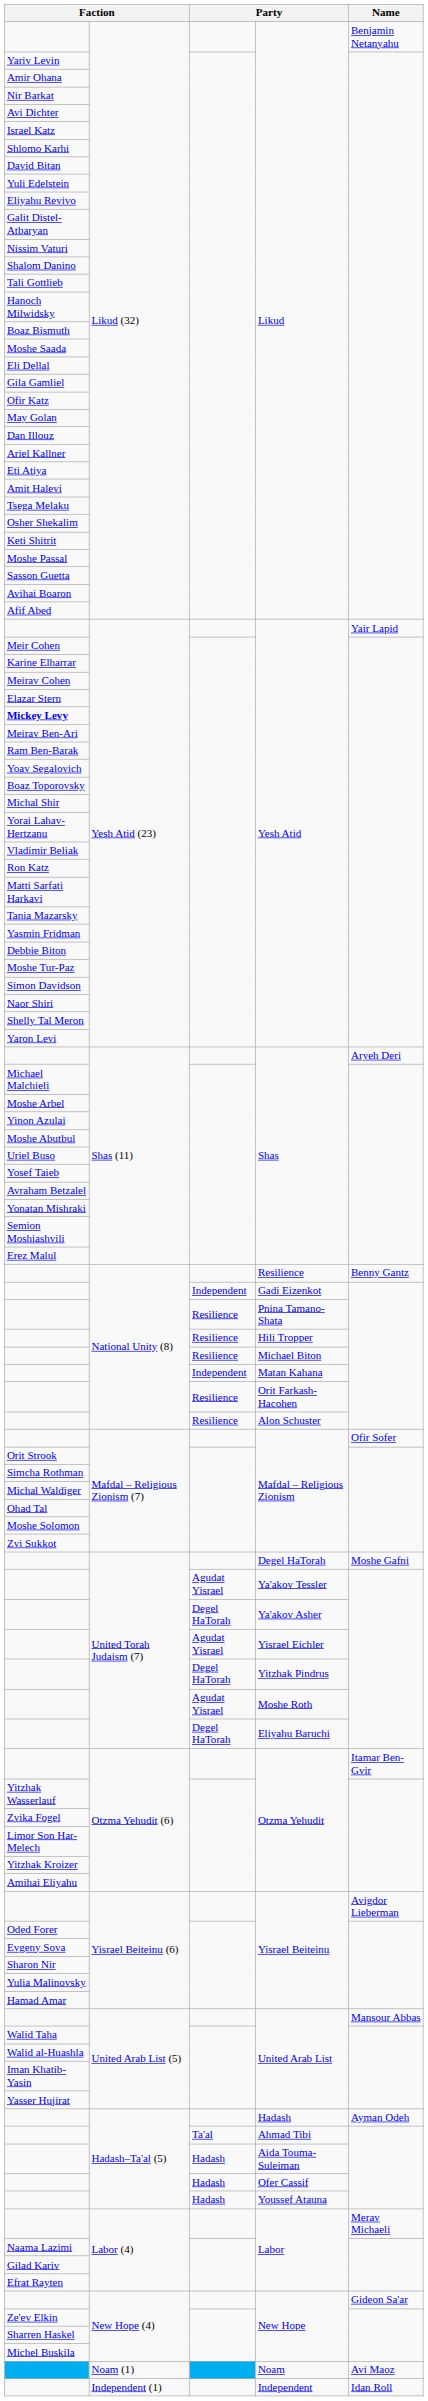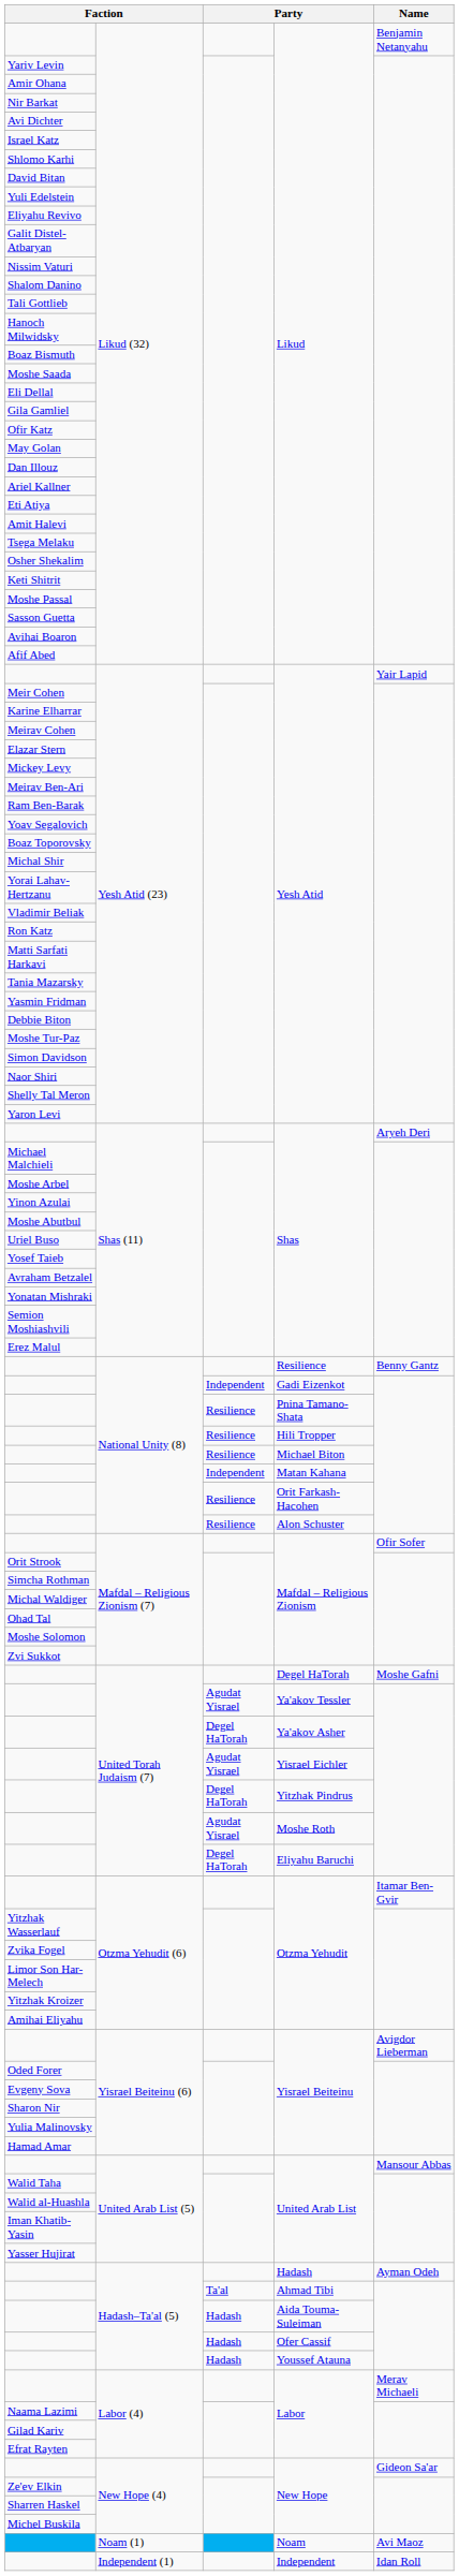 <table class="wikitable sortable">
 <tr>
 <th colspan=2>Faction</th>
 <th colspan=2>Party</th>
 <th>Name</th>
 </tr>
 <tr>
 <td bgcolor=></td>
 <td rowspan=32><a href='#'>Likud</a> (32)</td>
 <td bgcolor=></td>
 <td rowspan=32><a href='#'>Likud</a></td>
 <td><a href='#'>Benjamin Netanyahu</a></td>
 </tr>
 <tr>
 <td><a href='#'>Yariv Levin</a></td>
 </tr>
 <tr>
 <td><a href='#'>Amir Ohana</a></td>
 </tr>
 <tr>
 <td><a href='#'>Nir Barkat</a></td>
 </tr>
 <tr>
 <td><a href='#'>Avi Dichter</a></td>
 </tr>
 <tr>
 <td><a href='#'>Israel Katz</a></td>
 </tr>
 <tr>
 <td><a href='#'>Shlomo Karhi</a></td>
 </tr>
 <tr>
 <td><a href='#'>David Bitan</a></td>
 </tr>
 <tr>
 <td><a href='#'>Yuli Edelstein</a></td>
 </tr>
 <tr>
 <td><a href='#'>Eliyahu Revivo</a></td>
 </tr>
 <tr>
 <td><a href='#'>Galit Distel-Atbaryan</a></td>
 </tr>
 <tr>
 <td><a href='#'>Nissim Vaturi</a></td>
 </tr>
 <tr>
 <td><a href='#'>Shalom Danino</a></td>
 </tr>
 <tr>
 <td><a href='#'>Tali Gottlieb</a></td>
 </tr>
 <tr>
 <td><a href='#'>Hanoch Milwidsky</a></td>
 </tr>
 <tr>
 <td><a href='#'>Boaz Bismuth</a></td>
 </tr>
 <tr>
 <td><a href='#'>Moshe Saada</a></td>
 </tr>
 <tr>
 <td><a href='#'>Eli Dellal</a></td>
 </tr>
 <tr>
 <td><a href='#'>Gila Gamliel</a></td>
 </tr>
 <tr>
 <td><a href='#'>Ofir Katz</a></td>
 </tr>
 <tr>
 <td><a href='#'>May Golan</a></td>
 </tr>
 <tr>
 <td><a href='#'>Dan Illouz</a></td>
 </tr>
 <tr>
 <td><a href='#'>Ariel Kallner</a></td>
 </tr>
 <tr>
 <td><a href='#'>Eti Atiya</a></td>
 </tr>
 <tr>
 <td><a href='#'>Amit Halevi</a></td>
 </tr>
 <tr>
 <td><a href='#'>Tsega Melaku</a></td>
 </tr>
 <tr>
 <td><a href='#'>Osher Shekalim</a></td>
 </tr>
 <tr>
 <td><a href='#'>Keti Shitrit</a></td>
 </tr>
 <tr>
 <td><a href='#'>Moshe Passal</a></td>
 </tr>
 <tr>
 <td><a href='#'>Sasson Guetta</a></td>
 </tr>
 <tr>
 <td><a href='#'>Avihai Boaron</a></td>
 </tr>
 <tr>
 <td><a href='#'>Afif Abed</a></td>
 </tr>
 <tr>
 <td bgcolor=></td>
 <td rowspan=23><a href='#'>Yesh Atid</a> (23)</td>
 <td bgcolor=></td>
 <td rowspan=23><a href='#'>Yesh Atid</a></td>
 <td><a href='#'>Yair Lapid</a></td>
 </tr>
 <tr>
 <td><a href='#'>Meir Cohen</a></td>
 </tr>
 <tr>
 <td><a href='#'>Karine Elharrar</a></td>
 </tr>
 <tr>
 <td><a href='#'>Meirav Cohen</a></td>
 </tr>
 <tr>
 <td><a href='#'>Elazar Stern</a></td>
 </tr>
 <tr>
-<td><strong><a href='#'>Mickey Levy</a></strong></td>
+<td><a href='#'>Mickey Levy</a></td>
 </tr>
 <tr>
 <td><a href='#'>Meirav Ben-Ari</a></td>
 </tr>
 <tr>
 <td><a href='#'>Ram Ben-Barak</a></td>
 </tr>
 <tr>
 <td><a href='#'>Yoav Segalovich</a></td>
 </tr>
 <tr>
 <td><a href='#'>Boaz Toporovsky</a></td>
 </tr>
 <tr>
 <td><a href='#'>Michal Shir</a></td>
 </tr>
 <tr>
 <td><a href='#'>Yorai Lahav-Hertzanu</a></td>
 </tr>
 <tr>
 <td><a href='#'>Vladimir Beliak</a></td>
 </tr>
 <tr>
 <td><a href='#'>Ron Katz</a></td>
 </tr>
 <tr>
 <td><a href='#'>Matti Sarfati Harkavi</a></td>
 </tr>
 <tr>
 <td><a href='#'>Tania Mazarsky</a></td>
 </tr>
 <tr>
 <td><a href='#'>Yasmin Fridman</a></td>
 </tr>
 <tr>
 <td><a href='#'>Debbie Biton</a></td>
 </tr>
 <tr>
 <td><a href='#'>Moshe Tur-Paz</a></td>
 </tr>
 <tr>
 <td><a href='#'>Simon Davidson</a></td>
 </tr>
 <tr>
 <td><a href='#'>Naor Shiri</a></td>
 </tr>
 <tr>
 <td><a href='#'>Shelly Tal Meron</a></td>
 </tr>
 <tr>
 <td><a href='#'>Yaron Levi</a></td>
 </tr>
 <tr>
 <td bgcolor=></td>
 <td rowspan=11><a href='#'>Shas</a> (11)</td>
 <td bgcolor=></td>
 <td rowspan=11><a href='#'>Shas</a></td>
 <td><a href='#'>Aryeh Deri</a></td>
 </tr>
 <tr>
 <td><a href='#'>Michael Malchieli</a></td>
 </tr>
 <tr>
 <td><a href='#'>Moshe Arbel</a></td>
 </tr>
 <tr>
 <td><a href='#'>Yinon Azulai</a></td>
 </tr>
 <tr>
 <td><a href='#'>Moshe Abutbul</a></td>
 </tr>
 <tr>
 <td><a href='#'>Uriel Buso</a></td>
 </tr>
 <tr>
 <td><a href='#'>Yosef Taieb</a></td>
 </tr>
 <tr>
 <td><a href='#'>Avraham Betzalel</a></td>
 </tr>
 <tr>
 <td><a href='#'>Yonatan Mishraki</a></td>
 </tr>
 <tr>
 <td><a href='#'>Semion Moshiashvili</a></td>
 </tr>
 <tr>
 <td><a href='#'>Erez Malul</a></td>
 </tr>
 <tr>
 <td bgcolor=></td>
 <td rowspan=8><a href='#'>National Unity</a> (8)</td>
 <td bgcolor=></td>
 <td><a href='#'>Resilience</a></td>
 <td><a href='#'>Benny Gantz</a></td>
 </tr>
 <tr>
 <td bgcolor=></td>
 <td><a href='#'>Independent</a></td>
 <td><a href='#'>Gadi Eizenkot</a></td>
 </tr>
 <tr>
 <td bgcolor=></td>
 <td><a href='#'>Resilience</a></td>
 <td><a href='#'>Pnina Tamano-Shata</a></td>
 </tr>
 <tr>
 <td bgcolor=></td>
 <td><a href='#'>Resilience</a></td>
 <td><a href='#'>Hili Tropper</a></td>
 </tr>
 <tr>
 <td bgcolor=></td>
 <td><a href='#'>Resilience</a></td>
 <td><a href='#'>Michael Biton</a></td>
 </tr>
 <tr>
 <td bgcolor=></td>
 <td><a href='#'>Independent</a></td>
 <td><a href='#'>Matan Kahana</a></td>
 </tr>
 <tr>
 <td bgcolor=></td>
 <td><a href='#'>Resilience</a></td>
 <td><a href='#'>Orit Farkash-Hacohen</a></td>
 </tr>
 <tr>
 <td bgcolor=></td>
 <td><a href='#'>Resilience</a></td>
 <td><a href='#'>Alon Schuster</a></td>
 </tr>
 <tr>
 <td bgcolor=></td>
 <td rowspan=7><a href='#'>Mafdal – Religious Zionism</a> (7)</td>
 <td bgcolor=></td>
 <td rowspan=7><a href='#'>Mafdal – Religious Zionism</a></td>
 <td><a href='#'>Ofir Sofer</a></td>
 </tr>
 <tr>
 <td><a href='#'>Orit Strook</a></td>
 </tr>
 <tr>
 <td><a href='#'>Simcha Rothman</a></td>
 </tr>
 <tr>
 <td><a href='#'>Michal Waldiger</a></td>
 </tr>
 <tr>
 <td><a href='#'>Ohad Tal</a></td>
 </tr>
 <tr>
 <td><a href='#'>Moshe Solomon</a></td>
 </tr>
 <tr>
 <td><a href='#'>Zvi Sukkot</a></td>
 </tr>
 <tr>
 <td bgcolor=></td>
 <td rowspan=7><a href='#'>United Torah Judaism</a> (7)</td>
 <td bgcolor=></td>
 <td><a href='#'>Degel HaTorah</a></td>
 <td><a href='#'>Moshe Gafni</a></td>
 </tr>
 <tr>
 <td bgcolor=></td>
 <td><a href='#'>Agudat Yisrael</a></td>
 <td><a href='#'>Ya'akov Tessler</a></td>
 </tr>
 <tr>
 <td bgcolor=></td>
 <td><a href='#'>Degel HaTorah</a></td>
 <td><a href='#'>Ya'akov Asher</a></td>
 </tr>
 <tr>
 <td bgcolor=></td>
 <td><a href='#'>Agudat Yisrael</a></td>
 <td><a href='#'>Yisrael Eichler</a></td>
 </tr>
 <tr>
 <td bgcolor=></td>
 <td><a href='#'>Degel HaTorah</a></td>
 <td><a href='#'>Yitzhak Pindrus</a></td>
 </tr>
 <tr>
 <td bgcolor=></td>
 <td><a href='#'>Agudat Yisrael</a></td>
 <td><a href='#'>Moshe Roth</a></td>
 </tr>
 <tr>
 <td bgcolor=></td>
 <td><a href='#'>Degel HaTorah</a></td>
 <td><a href='#'>Eliyahu Baruchi</a></td>
 </tr>
 <tr>
 <td bgcolor=></td>
 <td rowspan=6><a href='#'>Otzma Yehudit</a> (6)</td>
 <td bgcolor=></td>
 <td rowspan=6><a href='#'>Otzma Yehudit</a></td>
 <td><a href='#'>Itamar Ben-Gvir</a></td>
 </tr>
 <tr>
 <td><a href='#'>Yitzhak Wasserlauf</a></td>
 </tr>
 <tr>
 <td><a href='#'>Zvika Fogel</a></td>
 </tr>
 <tr>
 <td><a href='#'>Limor Son Har-Melech</a></td>
 </tr>
 <tr>
 <td><a href='#'>Yitzhak Kroizer</a></td>
 </tr>
 <tr>
 <td><a href='#'>Amihai Eliyahu</a></td>
 </tr>
 <tr>
 <td bgcolor=></td>
 <td rowspan=6><a href='#'>Yisrael Beiteinu</a> (6)</td>
 <td bgcolor=></td>
 <td rowspan=6><a href='#'>Yisrael Beiteinu</a></td>
 <td><a href='#'>Avigdor Lieberman</a></td>
 </tr>
 <tr>
 <td><a href='#'>Oded Forer</a></td>
 </tr>
 <tr>
 <td><a href='#'>Evgeny Sova</a></td>
 </tr>
 <tr>
 <td><a href='#'>Sharon Nir</a></td>
 </tr>
 <tr>
 <td><a href='#'>Yulia Malinovsky</a></td>
 </tr>
 <tr>
 <td><a href='#'>Hamad Amar</a></td>
 </tr>
 <tr>
 <td bgcolor=></td>
 <td rowspan=5><a href='#'>United Arab List</a> (5)</td>
 <td bgcolor=></td>
 <td rowspan=5><a href='#'>United Arab List</a></td>
 <td><a href='#'>Mansour Abbas</a></td>
 </tr>
 <tr>
 <td><a href='#'>Walid Taha</a></td>
 </tr>
 <tr>
 <td><a href='#'>Walid al-Huashla</a></td>
 </tr>
 <tr>
 <td><a href='#'>Iman Khatib-Yasin</a></td>
 </tr>
 <tr>
 <td><a href='#'>Yasser Hujirat</a></td>
 </tr>
 <tr>
 <td bgcolor=></td>
 <td rowspan=5><a href='#'>Hadash–Ta'al</a> (5)</td>
 <td bgcolor=></td>
 <td><a href='#'>Hadash</a></td>
 <td><a href='#'>Ayman Odeh</a></td>
 </tr>
 <tr>
 <td bgcolor=></td>
 <td><a href='#'>Ta'al</a></td>
 <td><a href='#'>Ahmad Tibi</a></td>
 </tr>
 <tr>
 <td bgcolor=></td>
 <td><a href='#'>Hadash</a></td>
 <td><a href='#'>Aida Touma-Suleiman</a></td>
 </tr>
 <tr>
 <td bgcolor=></td>
 <td><a href='#'>Hadash</a></td>
 <td><a href='#'>Ofer Cassif</a></td>
 </tr>
 <tr>
 <td bgcolor=></td>
 <td><a href='#'>Hadash</a></td>
 <td><a href='#'>Youssef Atauna</a></td>
 </tr>
 <tr>
 <td bgcolor=></td>
 <td rowspan=4><a href='#'>Labor</a> (4)</td>
 <td bgcolor=></td>
 <td rowspan=4><a href='#'>Labor</a></td>
 <td><a href='#'>Merav Michaeli</a></td>
 </tr>
 <tr>
 <td><a href='#'>Naama Lazimi</a></td>
 </tr>
 <tr>
 <td><a href='#'>Gilad Kariv</a></td>
 </tr>
 <tr>
 <td><a href='#'>Efrat Rayten</a></td>
 </tr>
 <tr>
 <td bgcolor=></td>
 <td rowspan=4><a href='#'>New Hope</a> (4)</td>
 <td bgcolor=></td>
 <td rowspan=4><a href='#'>New Hope</a></td>
 <td><a href='#'>Gideon Sa'ar</a></td>
 </tr>
 <tr>
 <td><a href='#'>Ze'ev Elkin</a></td>
 </tr>
 <tr>
 <td><a href='#'>Sharren Haskel</a></td>
 </tr>
 <tr>
 <td><a href='#'>Michel Buskila</a></td>
 </tr>
 <tr>
 <td bgcolor=#01AFF0></td>
 <td rowspan=1><a href='#'>Noam</a> (1)</td>
 <td bgcolor=#01AFF0></td>
 <td rowspan=1><a href='#'>Noam</a></td>
 <td><a href='#'>Avi Maoz</a></td>
 </tr>
 <tr>
 <td bgcolor=></td>
 <td rowspan=1><a href='#'>Independent</a> (1)</td>
 <td bgcolor=></td>
 <td rowspan=1><a href='#'>Independent</a></td>
 <td><a href='#'>Idan Roll</a></td>
 </tr>
 </table>
